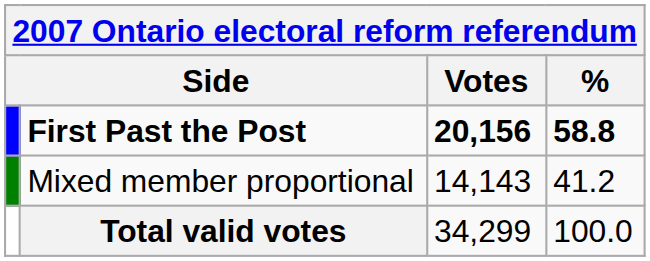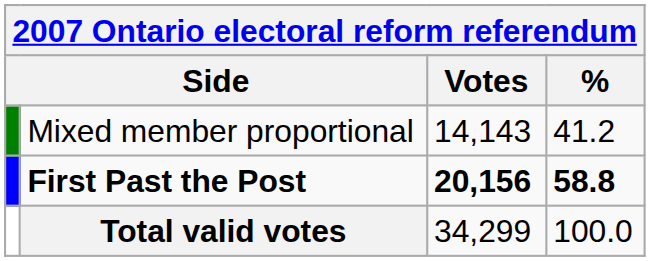 <table class="wikitable" style="font-size: 95%; clear:both">
 <tr style="background-color:#E9E9E9">
 <th colspan=4><a href='#'>2007 Ontario electoral reform referendum</a></th>
 </tr>
 <tr style="background-color:#E9E9E9">
 <th colspan=2 style="width: 130px">Side</th>
 <th style="width: 50px">Votes</th>
 <th style="width: 40px">%</th>
 </tr>
 <tr>
+<td style = "background: green"></td>
+<td>Mixed member proportional</td>
+<td>14,143</td>
+<td>41.2</td>
+</tr>
+<tr>
 <td style = "background: blue"></td>
 <td><strong>First Past the Post</strong></td>
 <td><strong>20,156</strong></td>
 <td><strong>58.8</strong></td>
-</tr>
-<tr>
-<td style = "background: green"></td>
-<td>Mixed member proportional</td>
-<td>14,143</td>
-<td>41.2</td>
 </tr>
 <tr>
 <td bgcolor="white"></td>
 <th>Total valid votes</th>
 <td>34,299</td>
 <td>100.0</td>
 </tr>
 </table>
